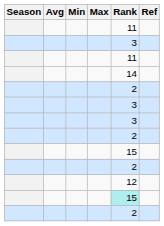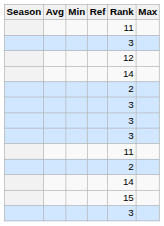 <table class="wikitable plainrowheaders sortable">
 <tr>
 <th scope=col>Season</th>
 <th scope=col>Avg</th>
 <th scope=col>Min</th>
+<th scope=col class="unsortable">Ref</th>
+<th scope=col>Rank</th>
 <th scope=col>Max</th>
-<th scope=col>Rank</th>
-<th scope=col class="unsortable">Ref</th>
 </tr>
 <tr>
 <th scope="row" style="text-align:right;"></th>
 <td align=right></td>
 <td align=right></td>
+<td align=center></td>
+<td align=right>11</td>
 <td align=right></td>
-<td align=right>11</td>
-<td align=center></td>
 </tr>
 <tr style="background:#d0e7ff;">
 <th scope="row"  style="background:#d0e7ff; text-align:right;"></th>
 <td align=right></td>
 <td align=right></td>
+<td align=center></td>
+<td align=right>3</td>
 <td align=right></td>
-<td align=right>3</td>
-<td align=center></td>
 </tr>
 <tr>
 <th scope="row" style="text-align:right;"></th>
 <td align=right></td>
 <td align=right></td>
+<td align=center></td>
+<td align=right>12</td>
 <td align=right></td>
-<td align=right>11</td>
-<td align=center></td>
 </tr>
 <tr>
 <th scope="row" style="text-align:right;"></th>
 <td align=right></td>
 <td align=right></td>
+<td align=center></td>
+<td align=right>14</td>
 <td align=right></td>
-<td align=right>14</td>
-<td align=center></td>
 </tr>
 <tr style="background:#d0e7ff;">
 <th scope="row"  style="background:#d0e7ff; text-align:right;"></th>
 <td align=right></td>
 <td align=right></td>
+<td align=center></td>
+<td align=right>2</td>
 <td align=right></td>
-<td align=right>2</td>
-<td align=center></td>
 </tr>
 <tr style="background:#d0e7ff;">
 <th scope="row"  style="background:#d0e7ff; text-align:right;"></th>
 <td align=right></td>
 <td align=right></td>
+<td align=center></td>
+<td align=right>3</td>
 <td align=right></td>
-<td align=right>3</td>
-<td align=center></td>
 </tr>
 <tr style="background:#d0e7ff;">
 <th scope="row"  style="background:#d0e7ff; text-align:right;"></th>
 <td align=right></td>
 <td align=right></td>
+<td align=center></td>
+<td align=right>3</td>
 <td align=right></td>
-<td align=right>3</td>
-<td align=center></td>
 </tr>
 <tr style="background:#d0e7ff;">
 <th scope="row"  style="background:#d0e7ff; text-align:right;"></th>
 <td align=right></td>
 <td align=right></td>
+<td align=center></td>
+<td align=right>3</td>
 <td align=right></td>
-<td align=right>2</td>
-<td align=center></td>
 </tr>
 <tr>
 <th scope="row" style="text-align:right;"></th>
 <td align=right></td>
 <td align=right></td>
+<td align=center></td>
+<td align=right>11</td>
 <td align=right></td>
-<td align=right>15</td>
-<td align=center></td>
 </tr>
 <tr style="background:#d0e7ff;">
 <th scope="row"  style="background:#d0e7ff; text-align:right;"></th>
 <td align=right></td>
 <td align=right></td>
+<td align=center></td>
+<td align=right>2</td>
 <td align=right></td>
-<td align=right>2</td>
-<td align=center></td>
 </tr>
 <tr>
 <th scope="row" style="text-align:right;"></th>
 <td align=right></td>
 <td align=right></td>
+<td align=center></td>
+<td align=right>14</td>
 <td align=right></td>
-<td align=right>12</td>
-<td align=center></td>
 </tr>
 <tr>
 <th scope="row" style="text-align:right;"></th>
 <td align=right></td>
 <td align=right></td>
+<td align=center></td>
+<td align=right>15</td>
 <td align=right></td>
-<td align=right style="background: paleturquoise;">15</td>
-<td align=center></td>
 </tr>
 <tr style="background:#d0e7ff;">
 <th scope="row"  style="background:#d0e7ff; text-align:right;"></th>
 <td align=right></td>
 <td align=right></td>
+<td align=center></td>
+<td align=right>3</td>
 <td align=right></td>
-<td align=right>2</td>
-<td align=center></td>
 </tr>
 </table>
